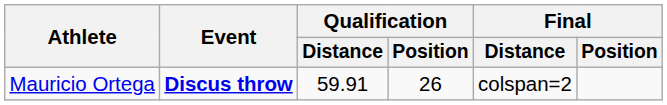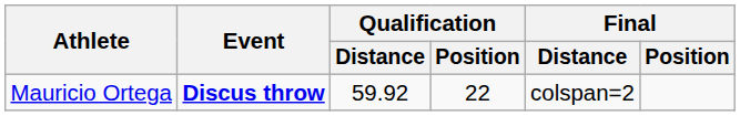 <table class=wikitable style=font-size:90%>
 <tr>
 <th rowspan=2>Athlete</th>
 <th rowspan=2>Event</th>
 <th colspan=2>Qualification</th>
 <th colspan=2>Final</th>
 </tr>
 <tr style=font-size:95%>
 <th>Distance</th>
 <th>Position</th>
 <th>Distance</th>
 <th>Position</th>
 </tr>
 <tr align=center>
 <td align=left><a href='#'>Mauricio Ortega</a></td>
 <td align=left><strong><a href='#'>Discus throw</a></strong></td>
-<td>59.91</td>
-<td>26</td>
+<td>59.92</td>
+<td>22</td>
 <td>colspan=2 </td>
 </tr>
 </table>
